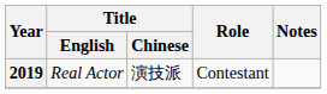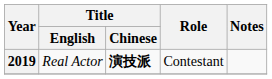 <table class="wikitable sortable plainrowheaders">
 <tr>
 <th scope="col" rowspan="2">Year</th>
 <th scope="col" colspan="2">Title</th>
 <th scope="col" rowspan="2">Role</th>
 <th scope="col" rowspan="2">Notes</th>
 </tr>
 <tr>
 <th scope="col">English</th>
 <th scope="col">Chinese</th>
 </tr>
 <tr>
 <th scope="row">2019</th>
 <td><em>Real Actor</em></td>
-<td>演技派</td>
+<td><strong>演技派</strong></td>
 <td>Contestant</td>
 <td></td>
 </tr>
 <tr>
 </tr>
 </table>
